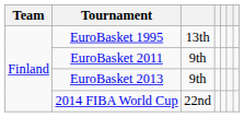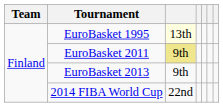 <table class="wikitable" style=" text-align:center;">
 <tr>
 <th>Team</th>
 <th>Tournament</th>
 <th></th>
 <th></th>
 <th></th>
 <th></th>
 <th></th>
 </tr>
 <tr>
 <td rowspan=5><a href='#'>Finland</a></td>
 <td><a href='#'>EuroBasket 1995</a></td>
-<td>13th</td>
+<td style="background: lightyellow;">13th</td>
 <td></td>
 <td></td>
 <td></td>
 <td></td>
 </tr>
 <tr>
 <td><a href='#'>EuroBasket 2011</a></td>
-<td>9th</td>
+<td style="background: khaki;">9th</td>
 <td></td>
 <td></td>
 <td></td>
 <td></td>
 </tr>
 <tr>
 <td><a href='#'>EuroBasket 2013</a></td>
 <td>9th</td>
 <td></td>
 <td></td>
 <td></td>
 <td></td>
 </tr>
 <tr>
 <td><a href='#'>2014 FIBA World Cup</a></td>
 <td>22nd</td>
 <td></td>
 <td></td>
 <td></td>
 <td></td>
 </tr>
 </table>
